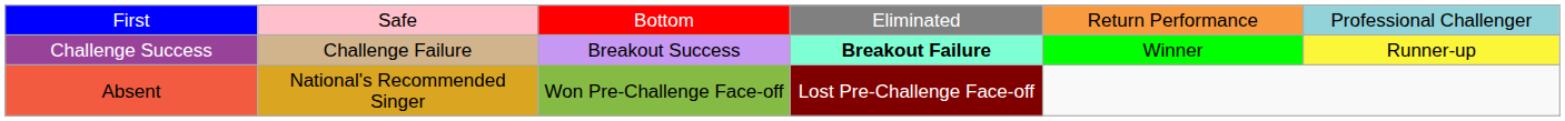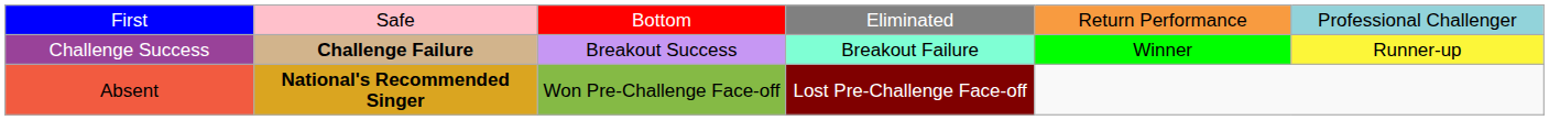 <table class="wikitable" style="text-align:center; font-size: 95%;">
 <tr>
 <td style="background:blue; color: white; width:7%">First</td>
 <td style="background:pink; width:7%">Safe</td>
 <td style="background:red; color:white; width:7%">Bottom</td>
 <td style="background:grey; color:white; width:7%">Eliminated</td>
 <td style="background:#F89B40; width:7%">Return Performance</td>
 <td style="background:#92D3DA; width:7%">Professional Challenger</td>
 </tr>
 <tr>
 <td style="background:#994299; color:white; width:7%">Challenge Success</td>
-<td style="background:tan; width:7%">Challenge Failure</td>
+<td style="background:tan; width:7%"><strong>Challenge Failure</strong></td>
 <td style="background:#C697F3; width:7%">Breakout Success</td>
-<td style="background:#7FFFD4; width:7%"><strong>Breakout Failure</strong></td>
+<td style="background:#7FFFD4; width:7%">Breakout Failure</td>
 <td style="background:lime; width:7%">Winner</td>
 <td style="background:#FCF639; width:7%; color: black;">Runner-up</td>
 </tr>
 <tr>
 <td style="background:#F25B40; width:7%">Absent</td>
-<td style="background:Goldenrod; width:7%">National's Recommended Singer</td>
+<td style="background:Goldenrod; width:7%"><strong>National's Recommended Singer</strong></td>
 <td style="background:#85BA45; width:7%">Won Pre-Challenge Face-off</td>
 <td style="background:maroon; color:white; width:7%">Lost Pre-Challenge Face-off</td>
 </tr>
 </table>
